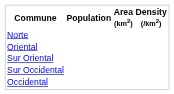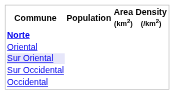 <table class="sortable table" style="float: right; border: 1px solid #BBB; margin: .46em 0 0 .2em; font-size: 86%;">
 <tr>
 <th>Commune</th>
 <th>Population</th>
 <th>Area <br><small>(km<sup>2</sup>)</small></th>
 <th>Density <br><small>(/km<sup>2</sup>)</small></th>
 </tr>
 <tr>
-<td><a href='#'>Norte</a></td>
+<td><strong><a href='#'>Norte</a></strong></td>
 <td></td>
 </tr>
 <tr>
 <td><a href='#'>Oriental</a></td>
 <td></td>
 </tr>
 <tr>
-<td><a href='#'>Sur Oriental</a></td>
+<td style="background: lavender;"><a href='#'>Sur Oriental</a></td>
 <td></td>
 </tr>
 <tr>
 <td><a href='#'>Sur Occidental</a></td>
 <td></td>
 </tr>
 <tr>
 <td><a href='#'>Occidental</a></td>
 <td></td>
 </tr>
 </table>
